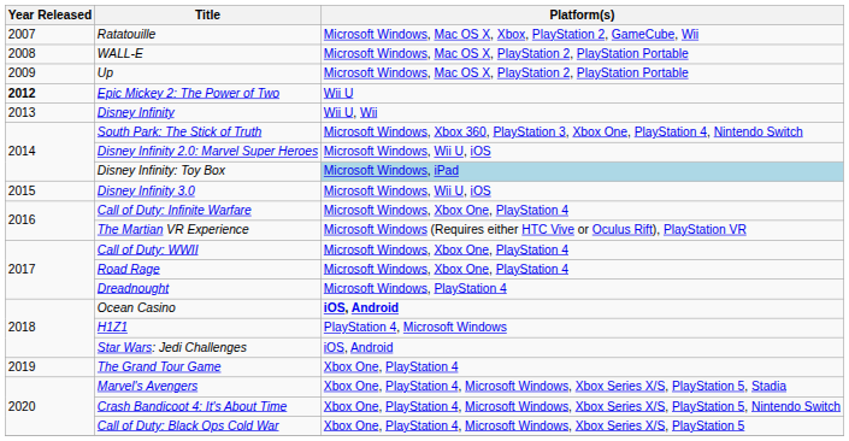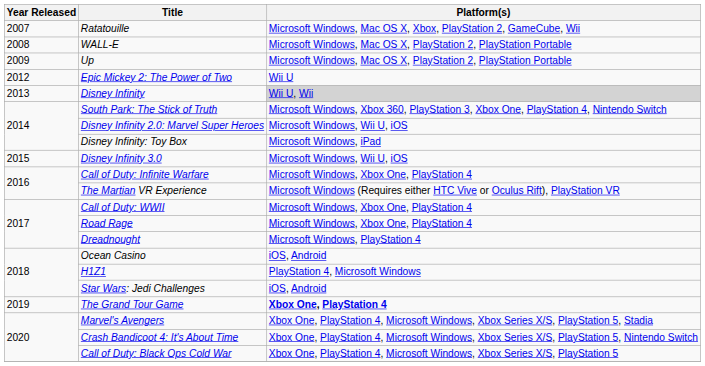 <table class="wikitable sortable">
 <tr>
 <th>Year Released</th>
 <th>Title</th>
 <th>Platform(s)</th>
 </tr>
 <tr>
 <td>2007</td>
 <td><em>Ratatouille</em></td>
 <td><a href='#'>Microsoft Windows</a>, <a href='#'>Mac OS X</a>, <a href='#'>Xbox</a>, <a href='#'>PlayStation 2</a>, <a href='#'>GameCube</a>, <a href='#'>Wii</a></td>
 </tr>
 <tr>
 <td>2008</td>
 <td><em>WALL-E</em></td>
 <td><a href='#'>Microsoft Windows</a>, <a href='#'>Mac OS X</a>, <a href='#'>PlayStation 2</a>, <a href='#'>PlayStation Portable</a></td>
 </tr>
 <tr>
 <td>2009</td>
 <td><em>Up</em></td>
 <td><a href='#'>Microsoft Windows</a>, <a href='#'>Mac OS X</a>, <a href='#'>PlayStation 2</a>, <a href='#'>PlayStation Portable</a></td>
 </tr>
 <tr>
-<td><strong>2012</strong></td>
+<td>2012</td>
 <td><em><a href='#'>Epic Mickey 2: The Power of Two</a></em></td>
 <td><a href='#'>Wii U</a></td>
 </tr>
 <tr>
 <td>2013</td>
 <td><em><a href='#'>Disney Infinity</a></em></td>
-<td><a href='#'>Wii U</a>, <a href='#'>Wii</a></td>
+<td style="background: lightgrey;"><a href='#'>Wii U</a>, <a href='#'>Wii</a></td>
 </tr>
 <tr>
 <td rowspan="3">2014</td>
 <td><em><a href='#'>South Park: The Stick of Truth</a></em></td>
 <td><a href='#'>Microsoft Windows</a>, <a href='#'>Xbox 360</a>, <a href='#'>PlayStation 3</a>, <a href='#'>Xbox One</a>, <a href='#'>PlayStation 4</a>, <a href='#'>Nintendo Switch</a></td>
 </tr>
 <tr>
 <td><em><a href='#'>Disney Infinity 2.0: Marvel Super Heroes</a></em></td>
 <td><a href='#'>Microsoft Windows</a>, <a href='#'>Wii U</a>, <a href='#'>iOS</a></td>
 </tr>
 <tr>
 <td><em>Disney Infinity: Toy Box</em></td>
-<td style="background: lightblue;"><a href='#'>Microsoft Windows</a>, <a href='#'>iPad</a></td>
+<td><a href='#'>Microsoft Windows</a>, <a href='#'>iPad</a></td>
 </tr>
 <tr>
 <td>2015</td>
 <td><em><a href='#'>Disney Infinity 3.0</a></em></td>
 <td><a href='#'>Microsoft Windows</a>, <a href='#'>Wii U</a>, <a href='#'>iOS</a></td>
 </tr>
 <tr>
 <td rowspan="2">2016</td>
 <td><em><a href='#'>Call of Duty: Infinite Warfare</a></em></td>
 <td><a href='#'>Microsoft Windows</a>, <a href='#'>Xbox One</a>, <a href='#'>PlayStation 4</a></td>
 </tr>
 <tr>
 <td><em><a href='#'>The Martian</a> VR Experience</em></td>
 <td><a href='#'>Microsoft Windows</a> (Requires either <a href='#'>HTC Vive</a> or <a href='#'>Oculus Rift</a>), <a href='#'>PlayStation VR</a></td>
 </tr>
 <tr>
 <td rowspan="3">2017</td>
 <td><em><a href='#'>Call of Duty: WWII</a></em></td>
 <td><a href='#'>Microsoft Windows</a>, <a href='#'>Xbox One</a>, <a href='#'>PlayStation 4</a></td>
 </tr>
 <tr>
 <td><em><a href='#'>Road Rage</a></em></td>
 <td><a href='#'>Microsoft Windows</a>, <a href='#'>Xbox One</a>, <a href='#'>PlayStation 4</a></td>
 </tr>
 <tr>
 <td><em><a href='#'>Dreadnought</a></em></td>
 <td><a href='#'>Microsoft Windows</a>, <a href='#'>PlayStation 4</a></td>
 </tr>
 <tr>
 <td rowspan="3">2018</td>
 <td><em>Ocean Casino</em></td>
-<td><strong><a href='#'>iOS</a>, <a href='#'>Android</a></strong></td>
+<td><a href='#'>iOS</a>, <a href='#'>Android</a></td>
 </tr>
 <tr>
 <td><em><a href='#'>H1Z1</a></em></td>
 <td><a href='#'>PlayStation 4</a>, <a href='#'>Microsoft Windows</a></td>
 </tr>
 <tr>
 <td><em><a href='#'>Star Wars</a>: Jedi Challenges</em></td>
 <td><a href='#'>iOS</a>, <a href='#'>Android</a></td>
 </tr>
 <tr>
 <td>2019</td>
 <td><em><a href='#'>The Grand Tour Game</a></em></td>
-<td><a href='#'>Xbox One</a>, <a href='#'>PlayStation 4</a></td>
+<td><strong><a href='#'>Xbox One</a>, <a href='#'>PlayStation 4</a></strong></td>
 </tr>
 <tr>
 <td rowspan="3">2020</td>
 <td><em><a href='#'>Marvel's Avengers</a></em></td>
 <td><a href='#'>Xbox One</a>, <a href='#'>PlayStation 4</a>, <a href='#'>Microsoft Windows</a>, <a href='#'>Xbox Series X/S</a>, <a href='#'>PlayStation 5</a>, <a href='#'>Stadia</a></td>
 </tr>
 <tr>
 <td><em><a href='#'>Crash Bandicoot 4: It's About Time</a></em></td>
 <td><a href='#'>Xbox One</a>, <a href='#'>PlayStation 4</a>, <a href='#'>Microsoft Windows</a>, <a href='#'>Xbox Series X/S</a>, <a href='#'>PlayStation 5</a>, <a href='#'>Nintendo Switch</a></td>
 </tr>
 <tr>
 <td><em><a href='#'>Call of Duty: Black Ops Cold War</a></em></td>
 <td><a href='#'>Xbox One</a>, <a href='#'>PlayStation 4</a>, <a href='#'>Microsoft Windows</a>, <a href='#'>Xbox Series X/S</a>, <a href='#'>PlayStation 5</a></td>
 </tr>
 <tr>
 </tr>
 </table>
